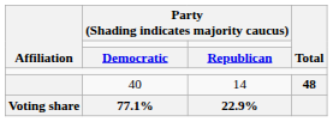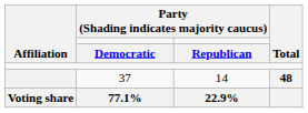 <table class=wikitable style="text-align:center">
 <tr style="vertical-align:bottom;">
 <th rowspan=3>Affiliation</th>
 <th colspan=2>Party <div>(Shading indicates majority caucus)</div></th>
 <th rowspan=3>Total</th>
 </tr>
 <tr style="height:5px">
 <td style="background-color:"></td>
 <td style="background-color:"></td>
 </tr>
 <tr>
 <th><a href='#'>Democratic</a></th>
 <th><a href='#'>Republican</a></th>
 </tr>
 <tr>
 <td colspan=5></td>
 </tr>
 <tr>
 <th nowrap style="font-size:80%"></th>
-<td>40</td>
+<td>37</td>
 <td>14</td>
 <th>48</th>
 </tr>
 <tr>
 <th>Voting share</th>
 <th>77.1%</th>
 <th>22.9%</th>
 <th colspan=2></th>
 </tr>
 </table>
